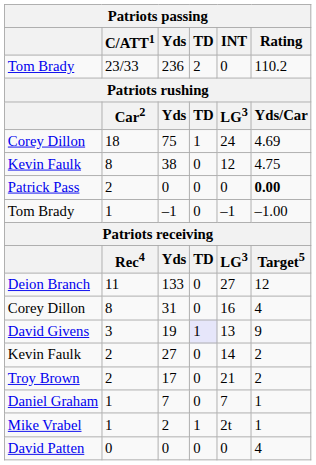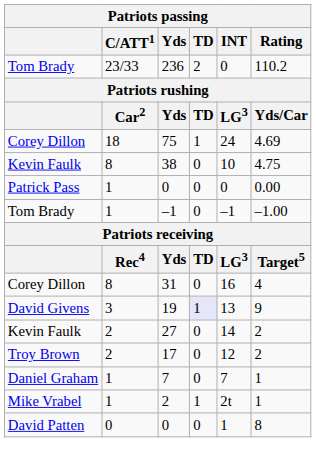 <table class="wikitable">
 <tr>
 <th colspan="6">Patriots passing</th>
 </tr>
 <tr>
 <th></th>
 <th>C/ATT<sup>1</sup></th>
 <th>Yds</th>
 <th>TD</th>
 <th>INT</th>
 <th>Rating</th>
 </tr>
 <tr>
 <td><a href='#'>Tom Brady</a></td>
 <td>23/33</td>
 <td>236</td>
 <td>2</td>
 <td>0</td>
 <td>110.2</td>
 </tr>
 <tr>
 <th colspan="6">Patriots rushing</th>
 </tr>
 <tr>
 <th></th>
 <th>Car<sup>2</sup></th>
 <th>Yds</th>
 <th>TD</th>
 <th>LG<sup>3</sup></th>
 <th>Yds/Car</th>
 </tr>
 <tr>
 <td><a href='#'>Corey Dillon</a></td>
 <td>18</td>
 <td>75</td>
 <td>1</td>
 <td>24</td>
 <td>4.69</td>
 </tr>
 <tr>
 <td><a href='#'>Kevin Faulk</a></td>
 <td>8</td>
 <td>38</td>
 <td>0</td>
-<td>12</td>
+<td>10</td>
 <td>4.75</td>
 </tr>
 <tr>
 <td><a href='#'>Patrick Pass</a></td>
-<td>2</td>
+<td>1</td>
 <td>0</td>
 <td>0</td>
 <td>0</td>
-<td><strong>0.00</strong></td>
+<td>0.00</td>
 </tr>
 <tr>
 <td>Tom Brady</td>
 <td>1</td>
 <td>–1</td>
 <td>0</td>
 <td>–1</td>
 <td>–1.00</td>
 </tr>
 <tr>
 <th colspan="6">Patriots receiving</th>
 </tr>
 <tr>
 <th></th>
 <th>Rec<sup>4</sup></th>
 <th>Yds</th>
 <th>TD</th>
 <th>LG<sup>3</sup></th>
 <th>Target<sup>5</sup></th>
-</tr>
-<tr>
-<td><a href='#'>Deion Branch</a></td>
-<td>11</td>
-<td>133</td>
-<td>0</td>
-<td>27</td>
-<td>12</td>
 </tr>
 <tr>
 <td>Corey Dillon</td>
 <td>8</td>
 <td>31</td>
 <td>0</td>
 <td>16</td>
 <td>4</td>
 </tr>
 <tr>
 <td><a href='#'>David Givens</a></td>
 <td>3</td>
 <td>19</td>
 <td style="background: lavender;">1</td>
 <td>13</td>
 <td>9</td>
 </tr>
 <tr>
 <td>Kevin Faulk</td>
 <td>2</td>
 <td>27</td>
 <td>0</td>
 <td>14</td>
 <td>2</td>
 </tr>
 <tr>
 <td><a href='#'>Troy Brown</a></td>
 <td>2</td>
 <td>17</td>
 <td>0</td>
-<td>21</td>
+<td>12</td>
 <td>2</td>
 </tr>
 <tr>
 <td><a href='#'>Daniel Graham</a></td>
 <td>1</td>
 <td>7</td>
 <td>0</td>
 <td>7</td>
 <td>1</td>
 </tr>
 <tr>
 <td><a href='#'>Mike Vrabel</a></td>
 <td>1</td>
 <td>2</td>
 <td>1</td>
 <td>2t</td>
 <td>1</td>
 </tr>
 <tr>
 <td><a href='#'>David Patten</a></td>
 <td>0</td>
 <td>0</td>
 <td>0</td>
-<td>0</td>
-<td>4</td>
+<td>1</td>
+<td>8</td>
 </tr>
 </table>
